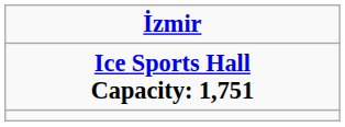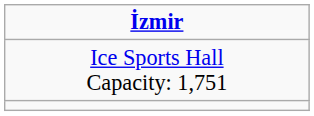 <table class="wikitable" style="text-align:center;" width=220px>
 <tr>
 <td width=220px><strong><a href='#'>İzmir</a></strong></td>
 </tr>
 <tr>
-<td><strong><a href='#'>Ice Sports Hall</a><br>Capacity: 1,751</strong></td>
+<td><a href='#'>Ice Sports Hall</a><br>Capacity: 1,751</td>
 </tr>
 <tr>
 <td></td>
 </tr>
 </table>
